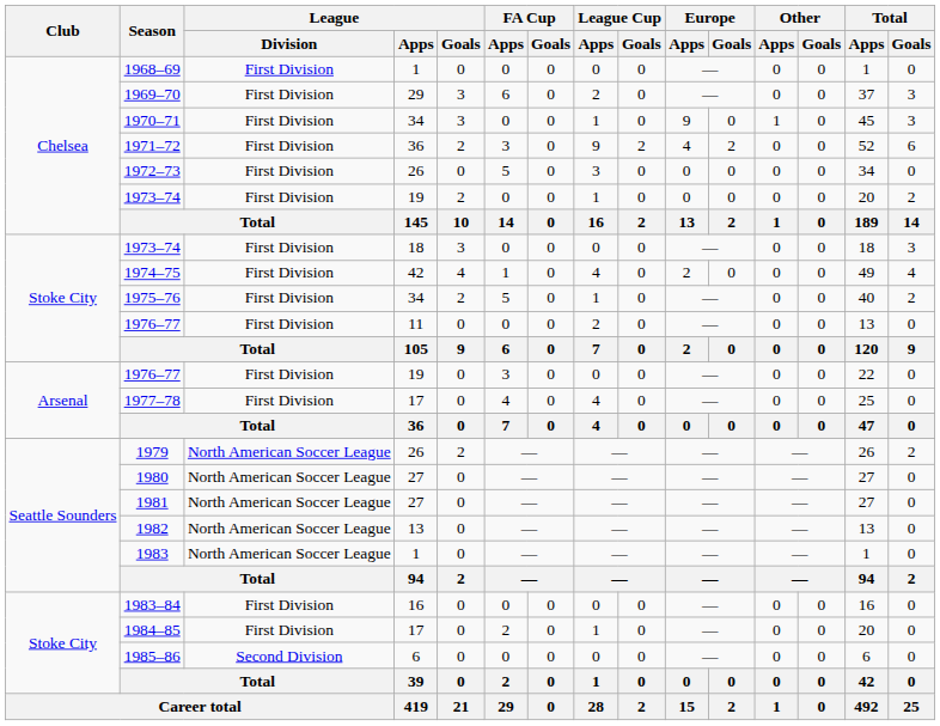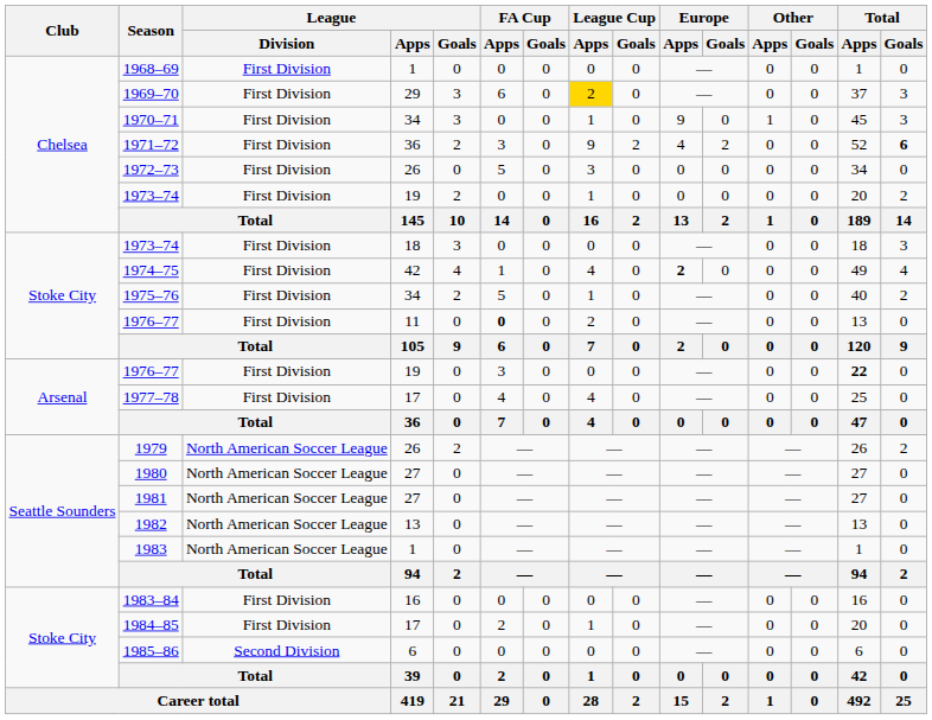 <table class="wikitable" style="text-align: center;">
 <tr>
 <th rowspan="2">Club</th>
 <th rowspan="2">Season</th>
 <th colspan="3">League</th>
 <th colspan="2">FA Cup</th>
 <th colspan="2">League Cup</th>
 <th colspan="2">Europe</th>
 <th colspan="2">Other</th>
 <th colspan="2">Total</th>
 </tr>
 <tr>
 <th>Division</th>
 <th>Apps</th>
 <th>Goals</th>
 <th>Apps</th>
 <th>Goals</th>
 <th>Apps</th>
 <th>Goals</th>
 <th>Apps</th>
 <th>Goals</th>
 <th>Apps</th>
 <th>Goals</th>
 <th>Apps</th>
 <th>Goals</th>
 </tr>
 <tr>
 <td rowspan="7"><a href='#'>Chelsea</a></td>
 <td><a href='#'>1968–69</a></td>
 <td><a href='#'>First Division</a></td>
 <td>1</td>
 <td>0</td>
 <td>0</td>
 <td>0</td>
 <td>0</td>
 <td>0</td>
 <td colspan="2">—</td>
 <td>0</td>
 <td>0</td>
 <td>1</td>
 <td>0</td>
 </tr>
 <tr>
 <td><a href='#'>1969–70</a></td>
 <td>First Division</td>
 <td>29</td>
 <td>3</td>
 <td>6</td>
 <td>0</td>
-<td>2</td>
+<td style="background: gold;">2</td>
 <td>0</td>
 <td colspan="2">—</td>
 <td>0</td>
 <td>0</td>
 <td>37</td>
 <td>3</td>
 </tr>
 <tr>
 <td><a href='#'>1970–71</a></td>
 <td>First Division</td>
 <td>34</td>
 <td>3</td>
 <td>0</td>
 <td>0</td>
 <td>1</td>
 <td>0</td>
 <td>9</td>
 <td>0</td>
 <td>1</td>
 <td>0</td>
 <td>45</td>
 <td>3</td>
 </tr>
 <tr>
 <td><a href='#'>1971–72</a></td>
 <td>First Division</td>
 <td>36</td>
 <td>2</td>
 <td>3</td>
 <td>0</td>
 <td>9</td>
 <td>2</td>
 <td>4</td>
 <td>2</td>
 <td>0</td>
 <td>0</td>
 <td>52</td>
-<td>6</td>
+<td><strong>6</strong></td>
 </tr>
 <tr>
 <td><a href='#'>1972–73</a></td>
 <td>First Division</td>
 <td>26</td>
 <td>0</td>
 <td>5</td>
 <td>0</td>
 <td>3</td>
 <td>0</td>
 <td>0</td>
 <td>0</td>
 <td>0</td>
 <td>0</td>
 <td>34</td>
 <td>0</td>
 </tr>
 <tr>
 <td><a href='#'>1973–74</a></td>
 <td>First Division</td>
 <td>19</td>
 <td>2</td>
 <td>0</td>
 <td>0</td>
 <td>1</td>
 <td>0</td>
 <td>0</td>
 <td>0</td>
 <td>0</td>
 <td>0</td>
 <td>20</td>
 <td>2</td>
 </tr>
 <tr>
 <th colspan="2">Total</th>
 <th>145</th>
 <th>10</th>
 <th>14</th>
 <th>0</th>
 <th>16</th>
 <th>2</th>
 <th>13</th>
 <th>2</th>
 <th>1</th>
 <th>0</th>
 <th>189</th>
 <th>14</th>
 </tr>
 <tr>
 <td rowspan="5"><a href='#'>Stoke City</a></td>
 <td><a href='#'>1973–74</a></td>
 <td>First Division</td>
 <td>18</td>
 <td>3</td>
 <td>0</td>
 <td>0</td>
 <td>0</td>
 <td>0</td>
 <td colspan="2">—</td>
 <td>0</td>
 <td>0</td>
 <td>18</td>
 <td>3</td>
 </tr>
 <tr>
 <td><a href='#'>1974–75</a></td>
 <td>First Division</td>
 <td>42</td>
 <td>4</td>
 <td>1</td>
 <td>0</td>
 <td>4</td>
 <td>0</td>
-<td>2</td>
+<td><strong>2</strong></td>
 <td>0</td>
 <td>0</td>
 <td>0</td>
 <td>49</td>
 <td>4</td>
 </tr>
 <tr>
 <td><a href='#'>1975–76</a></td>
 <td>First Division</td>
 <td>34</td>
 <td>2</td>
 <td>5</td>
 <td>0</td>
 <td>1</td>
 <td>0</td>
 <td colspan="2">—</td>
 <td>0</td>
 <td>0</td>
 <td>40</td>
 <td>2</td>
 </tr>
 <tr>
 <td><a href='#'>1976–77</a></td>
 <td>First Division</td>
 <td>11</td>
 <td>0</td>
-<td>0</td>
+<td><strong>0</strong></td>
 <td>0</td>
 <td>2</td>
 <td>0</td>
 <td colspan="2">—</td>
 <td>0</td>
 <td>0</td>
 <td>13</td>
 <td>0</td>
 </tr>
 <tr>
 <th colspan="2">Total</th>
 <th>105</th>
 <th>9</th>
 <th>6</th>
 <th>0</th>
 <th>7</th>
 <th>0</th>
 <th>2</th>
 <th>0</th>
 <th>0</th>
 <th>0</th>
 <th>120</th>
 <th>9</th>
 </tr>
 <tr>
 <td rowspan="3"><a href='#'>Arsenal</a></td>
 <td><a href='#'>1976–77</a></td>
 <td>First Division</td>
 <td>19</td>
 <td>0</td>
 <td>3</td>
 <td>0</td>
 <td>0</td>
 <td>0</td>
 <td colspan="2">—</td>
 <td>0</td>
 <td>0</td>
-<td>22</td>
+<td><strong>22</strong></td>
 <td>0</td>
 </tr>
 <tr>
 <td><a href='#'>1977–78</a></td>
 <td>First Division</td>
 <td>17</td>
 <td>0</td>
 <td>4</td>
 <td>0</td>
 <td>4</td>
 <td>0</td>
 <td colspan="2">—</td>
 <td>0</td>
 <td>0</td>
 <td>25</td>
 <td>0</td>
 </tr>
 <tr>
 <th colspan="2">Total</th>
 <th>36</th>
 <th>0</th>
 <th>7</th>
 <th>0</th>
 <th>4</th>
 <th>0</th>
 <th>0</th>
 <th>0</th>
 <th>0</th>
 <th>0</th>
 <th>47</th>
 <th>0</th>
 </tr>
 <tr>
 <td rowspan="6"><a href='#'>Seattle Sounders</a></td>
 <td><a href='#'>1979</a></td>
 <td><a href='#'>North American Soccer League</a></td>
 <td>26</td>
 <td>2</td>
 <td colspan="2">—</td>
 <td colspan="2">—</td>
 <td colspan="2">—</td>
 <td colspan="2">—</td>
 <td>26</td>
 <td>2</td>
 </tr>
 <tr>
 <td><a href='#'>1980</a></td>
 <td>North American Soccer League</td>
 <td>27</td>
 <td>0</td>
 <td colspan="2">—</td>
 <td colspan="2">—</td>
 <td colspan="2">—</td>
 <td colspan="2">—</td>
 <td>27</td>
 <td>0</td>
 </tr>
 <tr>
 <td><a href='#'>1981</a></td>
 <td>North American Soccer League</td>
 <td>27</td>
 <td>0</td>
 <td colspan="2">—</td>
 <td colspan="2">—</td>
 <td colspan="2">—</td>
 <td colspan="2">—</td>
 <td>27</td>
 <td>0</td>
 </tr>
 <tr>
 <td><a href='#'>1982</a></td>
 <td>North American Soccer League</td>
 <td>13</td>
 <td>0</td>
 <td colspan="2">—</td>
 <td colspan="2">—</td>
 <td colspan="2">—</td>
 <td colspan="2">—</td>
 <td>13</td>
 <td>0</td>
 </tr>
 <tr>
 <td><a href='#'>1983</a></td>
 <td>North American Soccer League</td>
 <td>1</td>
 <td>0</td>
 <td colspan="2">—</td>
 <td colspan="2">—</td>
 <td colspan="2">—</td>
 <td colspan="2">—</td>
 <td>1</td>
 <td>0</td>
 </tr>
 <tr>
 <th colspan="2">Total</th>
 <th>94</th>
 <th>2</th>
 <th colspan="2">—</th>
 <th colspan="2">—</th>
 <th colspan="2">—</th>
 <th colspan="2">—</th>
 <th>94</th>
 <th>2</th>
 </tr>
 <tr>
 <td rowspan="4"><a href='#'>Stoke City</a></td>
 <td><a href='#'>1983–84</a></td>
 <td>First Division</td>
 <td>16</td>
 <td>0</td>
 <td>0</td>
 <td>0</td>
 <td>0</td>
 <td>0</td>
 <td colspan="2">—</td>
 <td>0</td>
 <td>0</td>
 <td>16</td>
 <td>0</td>
 </tr>
 <tr>
 <td><a href='#'>1984–85</a></td>
 <td>First Division</td>
 <td>17</td>
 <td>0</td>
 <td>2</td>
 <td>0</td>
 <td>1</td>
 <td>0</td>
 <td colspan="2">—</td>
 <td>0</td>
 <td>0</td>
 <td>20</td>
 <td>0</td>
 </tr>
 <tr>
 <td><a href='#'>1985–86</a></td>
 <td><a href='#'>Second Division</a></td>
 <td>6</td>
 <td>0</td>
 <td>0</td>
 <td>0</td>
 <td>0</td>
 <td>0</td>
 <td colspan="2">—</td>
 <td>0</td>
 <td>0</td>
 <td>6</td>
 <td>0</td>
 </tr>
 <tr>
 <th colspan="2">Total</th>
 <th>39</th>
 <th>0</th>
 <th>2</th>
 <th>0</th>
 <th>1</th>
 <th>0</th>
 <th>0</th>
 <th>0</th>
 <th>0</th>
 <th>0</th>
 <th>42</th>
 <th>0</th>
 </tr>
 <tr>
 <th colspan="3">Career total</th>
 <th>419</th>
 <th>21</th>
 <th>29</th>
 <th>0</th>
 <th>28</th>
 <th>2</th>
 <th>15</th>
 <th>2</th>
 <th>1</th>
 <th>0</th>
 <th>492</th>
 <th>25</th>
 </tr>
 </table>
